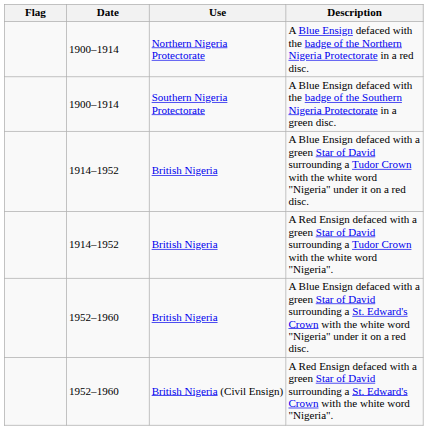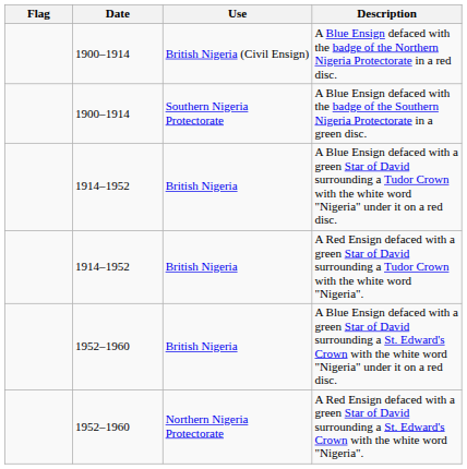 <table class="wikitable">
 <tr style="background:#efefef;">
 <th style="width:110px;">Flag</th>
 <th style="width:150px;">Date</th>
 <th style="width:250px;">Use</th>
 <th style="width:250px;">Description</th>
 </tr>
 <tr>
 <td></td>
 <td>1900–1914</td>
-<td><a href='#'>Northern Nigeria Protectorate</a></td>
+<td><a href='#'>British Nigeria</a> (Civil Ensign)</td>
 <td>A <a href='#'>Blue Ensign</a> defaced with the <a href='#'>badge of the Northern Nigeria Protectorate</a> in a red disc.</td>
 </tr>
 <tr>
 <td></td>
 <td>1900–1914</td>
 <td><a href='#'>Southern Nigeria Protectorate</a></td>
 <td>A Blue Ensign defaced with the <a href='#'>badge of the Southern Nigeria Protectorate</a> in a green disc.</td>
 </tr>
 <tr>
 <td></td>
 <td>1914–1952</td>
 <td><a href='#'>British Nigeria</a></td>
 <td>A Blue Ensign defaced with a green <a href='#'>Star of David</a> surrounding a <a href='#'>Tudor Crown</a> with the white word "Nigeria" under it on a red disc.</td>
 </tr>
 <tr>
 <td></td>
 <td>1914–1952</td>
 <td><a href='#'>British Nigeria</a></td>
 <td>A Red Ensign defaced with a green <a href='#'>Star of David</a> surrounding a <a href='#'>Tudor Crown</a> with the white word "Nigeria".</td>
 </tr>
 <tr>
 <td></td>
 <td>1952–1960</td>
 <td><a href='#'>British Nigeria</a></td>
 <td>A Blue Ensign defaced with a green <a href='#'>Star of David</a> surrounding a <a href='#'>St. Edward's Crown</a> with the white word "Nigeria" under it on a red disc.</td>
 </tr>
 <tr>
 <td></td>
 <td>1952–1960</td>
-<td><a href='#'>British Nigeria</a> (Civil Ensign)</td>
+<td><a href='#'>Northern Nigeria Protectorate</a></td>
 <td>A Red Ensign defaced with a green <a href='#'>Star of David</a> surrounding a <a href='#'>St. Edward's Crown</a> with the white word "Nigeria".</td>
 </tr>
 </table>
